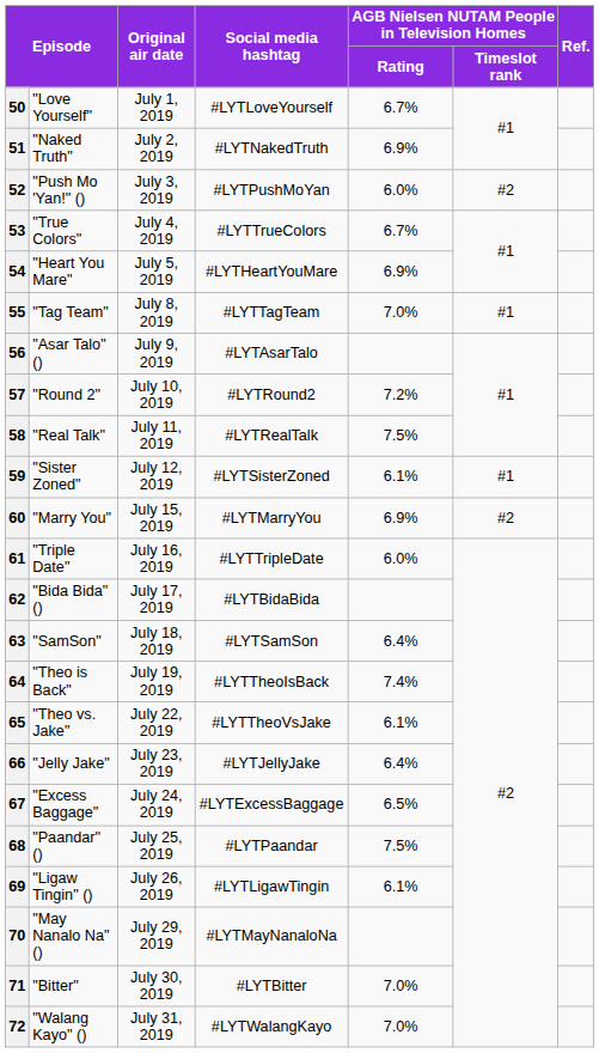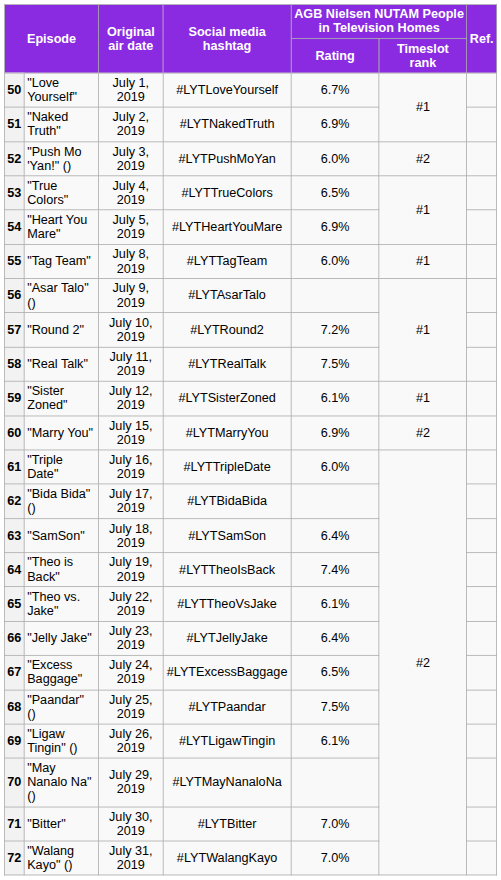 <table class="wikitable" style="text-align:center; font-size:100%; line-height:18px;" width="100%">
 <tr>
 <th style="background-color:#8A2BE2; color:#ffffff;" colspan="2" rowspan="2">Episode</th>
 <th style="background-color:#8A2BE2; color:white" rowspan="2">Original air date</th>
 <th style="background-color:#8A2BE2; color:white" rowspan="2">Social media hashtag</th>
 <th style="background-color:#8A2BE2; color:#ffffff;" colspan="2">AGB Nielsen NUTAM People in Television Homes</th>
 <th style="background-color:#8A2BE2; color:#ffffff;" rowspan="2">Ref.</th>
 </tr>
 <tr>
 <th style="background-color:#8A2BE2; width:75px; color:#ffffff;">Rating</th>
 <th style="background-color:#8A2BE2; width:75px; color:#ffffff;">Timeslot<br>rank</th>
 </tr>
 <tr>
 <th>50</th>
 <td style="text-align: left;">"Love Yourself"</td>
 <td>July 1, 2019</td>
 <td>#LYTLoveYourself</td>
 <td>6.7%</td>
 <td rowspan="2">#1</td>
 <td></td>
 </tr>
 <tr>
 <th>51</th>
 <td style="text-align: left;">"Naked Truth"</td>
 <td>July 2, 2019</td>
 <td>#LYTNakedTruth</td>
 <td>6.9%</td>
 <td></td>
 </tr>
 <tr>
 <th>52</th>
 <td style="text-align: left;">"Push Mo 'Yan!" ()</td>
 <td>July 3, 2019</td>
 <td>#LYTPushMoYan</td>
 <td>6.0%</td>
 <td>#2</td>
 <td></td>
 </tr>
 <tr>
 <th>53</th>
 <td style="text-align: left;">"True Colors"</td>
 <td>July 4, 2019</td>
 <td>#LYTTrueColors</td>
-<td>6.7%</td>
+<td>6.5%</td>
 <td rowspan="2">#1</td>
 <td></td>
 </tr>
 <tr>
 <th>54</th>
 <td style="text-align: left;">"Heart You Mare"</td>
 <td>July 5, 2019</td>
 <td>#LYTHeartYouMare</td>
 <td>6.9%</td>
 <td></td>
 </tr>
 <tr>
 <th>55</th>
 <td style="text-align: left;">"Tag Team"</td>
 <td>July 8, 2019</td>
 <td>#LYTTagTeam</td>
-<td>7.0%</td>
+<td>6.0%</td>
 <td>#1</td>
 <td></td>
 </tr>
 <tr>
 <th>56</th>
 <td style="text-align: left;">"Asar Talo" ()</td>
 <td>July 9, 2019</td>
 <td>#LYTAsarTalo</td>
 <td></td>
 <td rowspan="3">#1</td>
 <td></td>
 </tr>
 <tr>
 <th>57</th>
 <td style="text-align: left;">"Round 2"</td>
 <td>July 10, 2019</td>
 <td>#LYTRound2</td>
 <td>7.2%</td>
 <td></td>
 </tr>
 <tr>
 <th>58</th>
 <td style="text-align: left;">"Real Talk"</td>
 <td>July 11, 2019</td>
 <td>#LYTRealTalk</td>
 <td>7.5%</td>
 <td></td>
 </tr>
 <tr>
 <th>59</th>
 <td style="text-align: left;">"Sister Zoned"</td>
 <td>July 12, 2019</td>
 <td>#LYTSisterZoned</td>
 <td>6.1%</td>
 <td>#1</td>
 <td></td>
 </tr>
 <tr>
 <th>60</th>
 <td style="text-align: left;">"Marry You"</td>
 <td>July 15, 2019</td>
 <td>#LYTMarryYou</td>
 <td>6.9%</td>
 <td>#2</td>
 <td></td>
 </tr>
 <tr>
 <th>61</th>
 <td style="text-align: left;">"Triple Date"</td>
 <td>July 16, 2019</td>
 <td>#LYTTripleDate</td>
 <td>6.0%</td>
 <td rowspan="12">#2</td>
 <td></td>
 </tr>
 <tr>
 <th>62</th>
 <td style="text-align: left;">"Bida Bida" ()</td>
 <td>July 17, 2019</td>
 <td>#LYTBidaBida</td>
 <td></td>
 <td></td>
 </tr>
 <tr>
 <th>63</th>
 <td style="text-align: left;">"SamSon"</td>
 <td>July 18, 2019</td>
 <td>#LYTSamSon</td>
 <td>6.4%</td>
 <td></td>
 </tr>
 <tr>
 <th>64</th>
 <td style="text-align: left;">"Theo is Back"</td>
 <td>July 19, 2019</td>
 <td>#LYTTheoIsBack</td>
 <td>7.4%</td>
 <td></td>
 </tr>
 <tr>
 <th>65</th>
 <td style="text-align: left;">"Theo vs. Jake"</td>
 <td>July 22, 2019</td>
 <td>#LYTTheoVsJake</td>
 <td>6.1%</td>
 <td></td>
 </tr>
 <tr>
 <th>66</th>
 <td style="text-align: left;">"Jelly Jake"</td>
 <td>July 23, 2019</td>
 <td>#LYTJellyJake</td>
 <td>6.4%</td>
 <td></td>
 </tr>
 <tr>
 <th>67</th>
 <td style="text-align: left;">"Excess Baggage"</td>
 <td>July 24, 2019</td>
 <td>#LYTExcessBaggage</td>
 <td>6.5%</td>
 <td></td>
 </tr>
 <tr>
 <th>68</th>
 <td style="text-align: left;">"Paandar" ()</td>
 <td>July 25, 2019</td>
 <td>#LYTPaandar</td>
 <td>7.5%</td>
 <td></td>
 </tr>
 <tr>
 <th>69</th>
 <td style="text-align: left;">"Ligaw Tingin" ()</td>
 <td>July 26, 2019</td>
 <td>#LYTLigawTingin</td>
 <td>6.1%</td>
 <td></td>
 </tr>
 <tr>
 <th>70</th>
 <td style="text-align: left;">"May Nanalo Na" ()</td>
 <td>July 29, 2019</td>
 <td>#LYTMayNanaloNa</td>
 <td></td>
 <td></td>
 </tr>
 <tr>
 <th>71</th>
 <td style="text-align: left;">"Bitter"</td>
 <td>July 30, 2019</td>
 <td>#LYTBitter</td>
 <td>7.0%</td>
 <td></td>
 </tr>
 <tr>
 <th>72</th>
 <td style="text-align: left;">"Walang Kayo" ()</td>
 <td>July 31, 2019</td>
 <td>#LYTWalangKayo</td>
 <td>7.0%</td>
 <td></td>
 </tr>
 </table>
